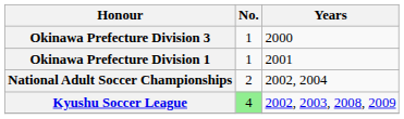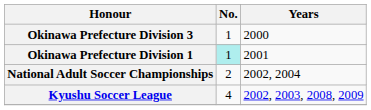 <table class="wikitable plainrowheaders">
 <tr>
 <th scope=col>Honour</th>
 <th scope=col>No.</th>
 <th scope=col>Years</th>
 </tr>
 <tr>
 <th scope=row>Okinawa Prefecture Division 3</th>
 <td align="center">1</td>
 <td>2000</td>
 </tr>
 <tr>
 <th scope=row>Okinawa Prefecture Division 1</th>
-<td align="center">1</td>
+<td align="center" style="background: paleturquoise;">1</td>
 <td>2001</td>
 </tr>
 <tr>
 <th scope=row>National Adult Soccer Championships</th>
 <td align="center">2</td>
 <td>2002, 2004</td>
 </tr>
 <tr>
 <th scope=row><a href='#'>Kyushu Soccer League</a></th>
-<td align="center" style="background: lightgreen;">4</td>
+<td align="center">4</td>
 <td><a href='#'>2002</a>, <a href='#'>2003</a>, <a href='#'>2008</a>, <a href='#'>2009</a></td>
 </tr>
 <tr>
 </tr>
 </table>
